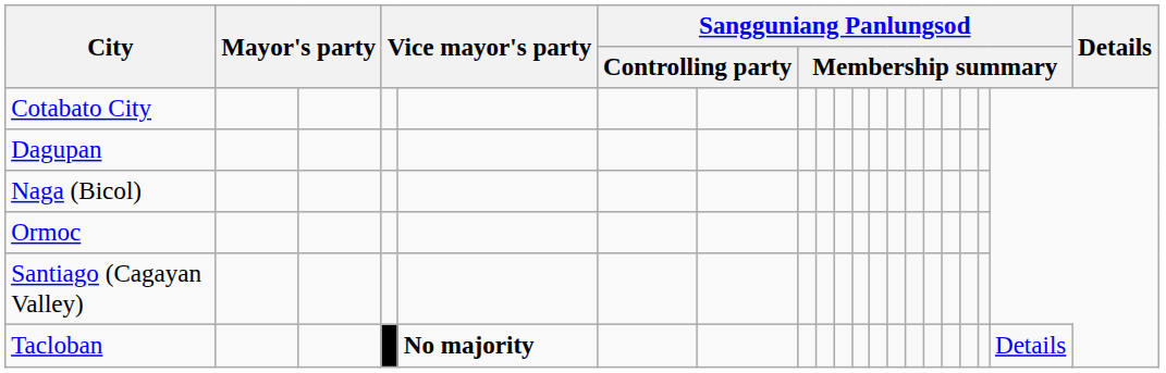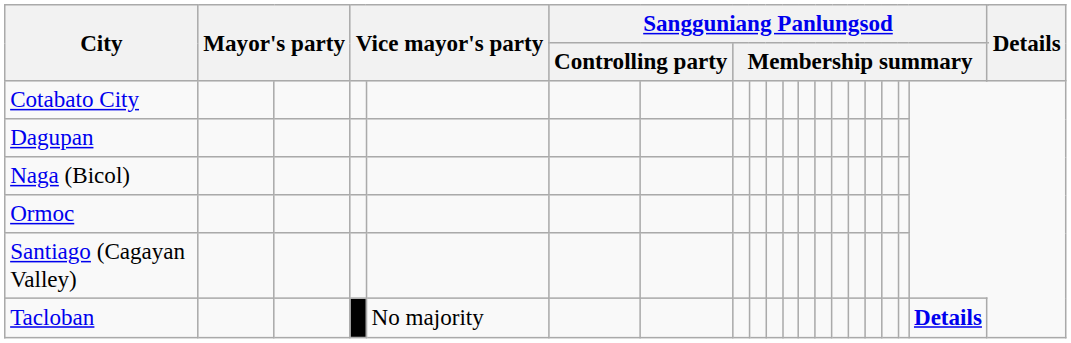 <table class="wikitable" style="font-size:95%;">
 <tr>
 <th width="120px" rowspan="2">City</th>
 <th colspan="2" rowspan="2">Mayor's party</th>
 <th colspan="2" rowspan="2">Vice mayor's party</th>
 <th colspan="15"><a href='#'>Sangguniang Panlungsod</a></th>
 <th rowspan="2">Details</th>
 </tr>
 <tr>
 <th colspan="2">Controlling party</th>
 <th colspan="13">Membership summary</th>
 </tr>
 <tr>
 <td><a href='#'>Cotabato City</a></td>
 <td></td>
 <td></td>
 <td></td>
 <td> </td>
 <td> </td>
 <td> </td>
 <td> </td>
 <td> </td>
 <td> </td>
 <td> </td>
 <td> </td>
 <td> </td>
 <td> </td>
 <td> </td>
 <td> </td>
 <td> </td>
 <td></td>
 </tr>
 <tr>
 <td><a href='#'>Dagupan</a></td>
 <td></td>
 <td></td>
 <td></td>
 <td style="color:inherit;background:"></td>
 <td style="color:inherit;background:"></td>
 <td style="color:inherit;background:"></td>
 <td style="color:inherit;background:"></td>
 <td style="color:inherit;background:"></td>
 <td style="color:inherit;background:"></td>
 <td style="color:inherit;background:"></td>
 <td style="color:inherit;background:"></td>
 <td style="color:inherit;background:"></td>
 <td style="color:inherit;background:"></td>
 <td style="color:inherit;background:"></td>
 <td style="color:inherit;background:"></td>
 <td></td>
 <td></td>
 </tr>
 <tr>
 <td><a href='#'>Naga</a> (Bicol)</td>
 <td></td>
 <td></td>
 <td></td>
 <td style="color:inherit;background:"></td>
 <td style="color:inherit;background:"></td>
 <td style="color:inherit;background:"></td>
 <td style="color:inherit;background:"></td>
 <td style="color:inherit;background:"></td>
 <td style="color:inherit;background:"></td>
 <td style="color:inherit;background:"></td>
 <td style="color:inherit;background:"></td>
 <td style="color:inherit;background:"></td>
 <td style="color:inherit;background:"></td>
 <td style="color:inherit;background:"></td>
 <td style="color:inherit;background:"></td>
 <td></td>
 <td></td>
 </tr>
 <tr>
 <td><a href='#'>Ormoc</a></td>
 <td></td>
 <td></td>
 <td></td>
 <td style="color:inherit;background:"></td>
 <td style="color:inherit;background:"></td>
 <td style="color:inherit;background:"></td>
 <td style="color:inherit;background:"></td>
 <td style="color:inherit;background:"></td>
 <td style="color:inherit;background:"></td>
 <td style="color:inherit;background:"></td>
 <td style="color:inherit;background:"></td>
 <td style="color:inherit;background:"></td>
 <td style="color:inherit;background:"></td>
 <td style="color:inherit;background:"></td>
 <td style="color:inherit;background:"></td>
 <td></td>
 <td></td>
 </tr>
 <tr>
 <td><a href='#'>Santiago</a> (Cagayan Valley)</td>
 <td></td>
 <td></td>
 <td></td>
 <td style="color:inherit;background:"></td>
 <td style="color:inherit;background:"></td>
 <td style="color:inherit;background:"></td>
 <td style="color:inherit;background:"></td>
 <td style="color:inherit;background:"></td>
 <td style="color:inherit;background:"></td>
 <td style="color:inherit;background:"></td>
 <td style="color:inherit;background:"></td>
 <td style="color:inherit;background:"></td>
 <td style="color:inherit;background:"></td>
 <td style="color:inherit;background:"></td>
 <td style="color:inherit;background:"></td>
 <td style="color:inherit;background:"></td>
 <td></td>
 </tr>
 <tr>
 <td><a href='#'>Tacloban</a></td>
 <td></td>
 <td></td>
 <td bgcolor="black"></td>
-<td><strong>No majority</strong></td>
+<td>No majority</td>
 <td style="color:inherit;background:"></td>
 <td style="color:inherit;background:"></td>
 <td style="color:inherit;background:"></td>
 <td style="color:inherit;background:"></td>
 <td style="color:inherit;background:"></td>
 <td style="color:inherit;background:"></td>
 <td style="color:inherit;background:"></td>
 <td style="color:inherit;background:"></td>
 <td style="color:inherit;background:"></td>
 <td style="color:inherit;background:"></td>
 <td style="color:inherit;background:"></td>
 <td style="color:inherit;background:"></td>
 <td></td>
-<td><a href='#'>Details</a></td>
+<td><strong><a href='#'>Details</a></strong></td>
 </tr>
 </table>
